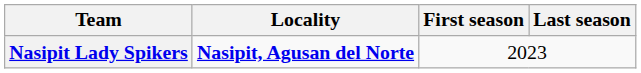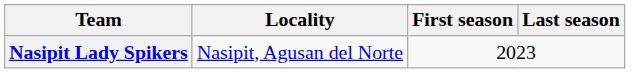 <table class="wikitable" style="text-align:left">
 <tr>
 <th>Team</th>
 <th>Locality</th>
 <th>First season</th>
 <th>Last season</th>
 </tr>
 <tr>
 <th><a href='#'>Nasipit Lady Spikers</a></th>
-<td><strong><a href='#'>Nasipit, Agusan del Norte</a></strong></td>
+<td><a href='#'>Nasipit, Agusan del Norte</a></td>
 <td align=center colspan="2">2023</td>
 </tr>
 </table>
